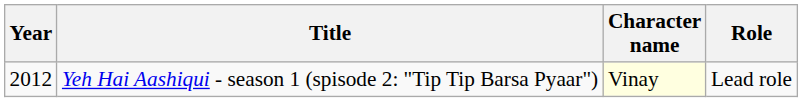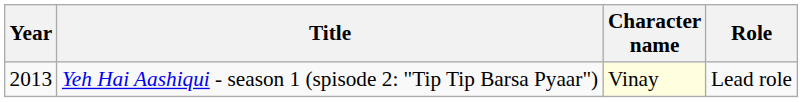 <table class="wikitable sortable">
 <tr>
 <th>Year</th>
 <th>Title</th>
 <th>Character<br>name</th>
 <th>Role</th>
 </tr>
 <tr>
-<td>2012</td>
+<td>2013</td>
 <td><em><a href='#'>Yeh Hai Aashiqui</a></em> - season 1 (spisode 2: "Tip Tip Barsa Pyaar")</td>
 <td style="background: lightyellow;">Vinay</td>
 <td>Lead role</td>
 </tr>
 </table>
